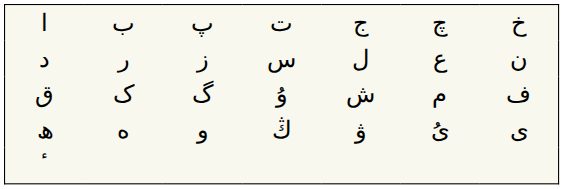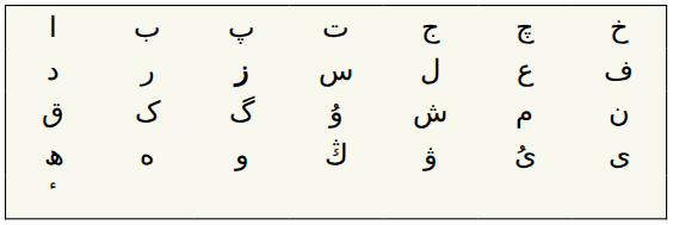 <table style="font-family:Arial Unicode MS; font-size:1.4em; border-color:#000000; border-width:1px; border-style:solid; border-collapse:collapse; background-color:#F8F8EF;">
 <tr>
 <td style="width:3em; text-align:center; padding: 3px;">ا</td>
 <td style="width:3em; text-align:center; padding: 3px;">ب</td>
 <td style="width:3em; text-align:center; padding: 3px;">پ</td>
 <td style="width:3em; text-align:center; padding: 3px;">ت</td>
 <td style="width:3em; text-align:center; padding: 3px;">ج</td>
 <td style="width:3em; text-align:center; padding: 3px;">چ</td>
 <td style="width:3em; text-align:center; padding: 3px;">خ</td>
 </tr>
 <tr>
 <td style="width:3em; text-align:center; padding: 3px;">د</td>
 <td style="width:3em; text-align:center; padding: 3px;">ر</td>
-<td style="width:3em; text-align:center; padding: 3px;">ز</td>
+<td style="width:3em; text-align:center; padding: 3px;"><strong>ز</strong></td>
 <td style="width:3em; text-align:center; padding: 3px;">س</td>
 <td style="width:3em; text-align:center; padding: 3px;">ل</td>
 <td style="width:3em; text-align:center; padding: 3px;">ع</td>
-<td style="width:3em; text-align:center; padding: 3px;">ن</td>
+<td style="width:3em; text-align:center; padding: 3px;">ف</td>
 </tr>
 <tr>
 <td style="width:3em; text-align:center; padding: 3px;">ق</td>
 <td style="width:3em; text-align:center; padding: 3px;">ک</td>
 <td style="width:3em; text-align:center; padding: 3px;">گ</td>
 <td style="width:3em; text-align:center; padding: 3px;">ۇ</td>
 <td style="width:3em; text-align:center; padding: 3px;">ش</td>
 <td style="width:3em; text-align:center; padding: 3px;">م</td>
-<td style="width:3em; text-align:center; padding: 3px;">ف</td>
+<td style="width:3em; text-align:center; padding: 3px;">ن</td>
 </tr>
 <tr>
 <td style="width:3em; text-align:center; padding: 3px;">ھ</td>
 <td style="width:3em; text-align:center; padding: 3px;">ە</td>
 <td style="width:3em; text-align:center; padding: 3px;">و</td>
 <td style="width:3em; text-align:center; padding: 3px;">ڭ</td>
 <td style="width:3em; text-align:center; padding: 3px;">ۋ</td>
 <td style="width:3em; text-align:center; padding: 3px;">ىُ</td>
 <td style="width:3em; text-align:center; padding: 3px;">ی</td>
 </tr>
 <tr>
 <td style="width:3em; text-align:center; padding: 3px;">ٴ</td>
 </tr>
 </table>
